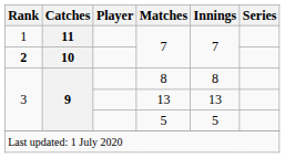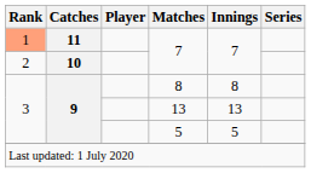 <table class="wikitable plainrowheaders sortable">
 <tr>
 <th scope=col>Rank</th>
 <th scope=col>Catches</th>
 <th scope=col>Player</th>
 <th scope=col>Matches</th>
 <th scope=col>Innings</th>
 <th scope=col>Series</th>
 </tr>
 <tr>
-<td align=center>1</td>
+<td align=center style="background: lightsalmon;">1</td>
 <th scope=row style=text-align:center;>11</th>
 <td></td>
 <td align=center rowspan=2>7</td>
 <td align=center rowspan=2>7</td>
 <td></td>
 </tr>
 <tr>
-<td align=center><strong>2</strong></td>
+<td align=center>2</td>
 <th scope=row style=text-align:center;>10</th>
 <td></td>
 <td></td>
 </tr>
 <tr>
 <td align=center rowspan=3>3</td>
 <th scope=row style=text-align:center; rowspan=3>9</th>
 <td></td>
 <td align=center>8</td>
 <td align=center>8</td>
 <td></td>
 </tr>
 <tr>
 <td></td>
 <td align=center>13</td>
 <td align=center>13</td>
 <td></td>
 </tr>
 <tr>
 <td></td>
 <td align=center>5</td>
 <td align=center>5</td>
 <td></td>
 </tr>
 <tr>
 </tr>
 <tr class=sortbottom>
 <td colspan=6><small>Last updated: 1 July 2020</small></td>
 </tr>
 </table>
